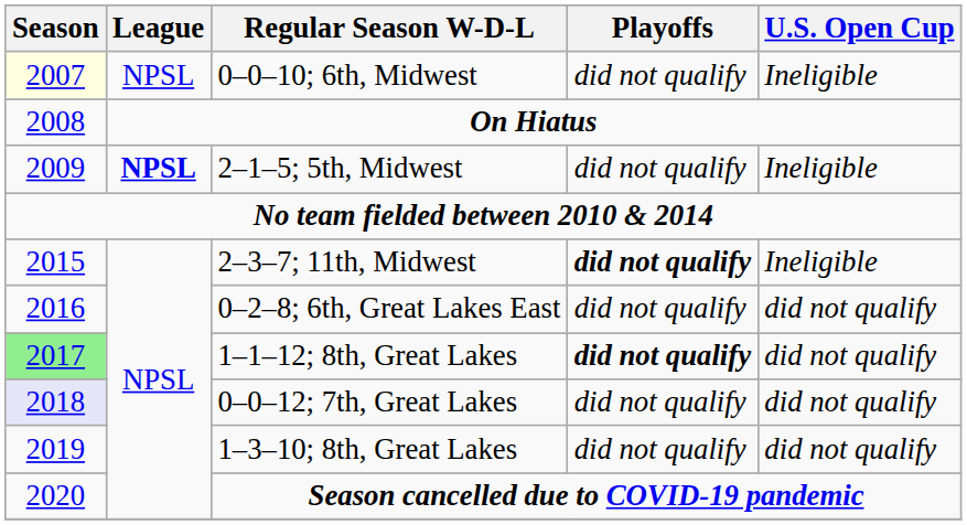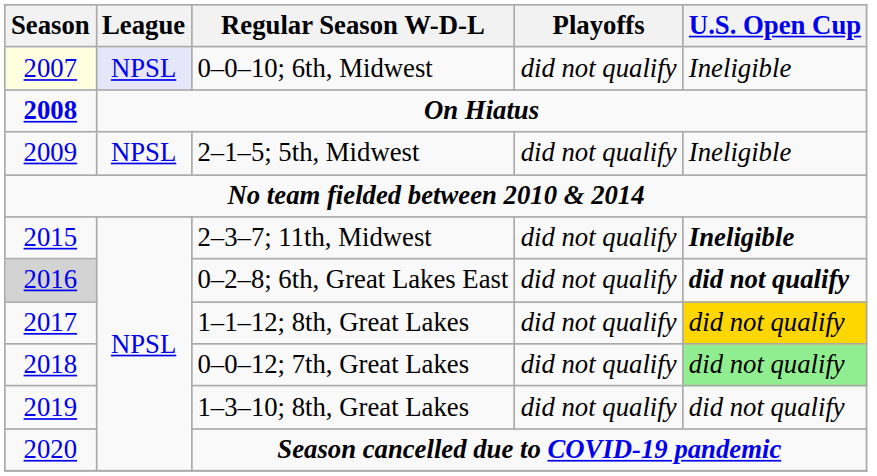 <table class="wikitable">
 <tr>
 <th>Season</th>
 <th>League</th>
 <th>Regular Season W-D-L</th>
 <th>Playoffs</th>
 <th><a href='#'>U.S. Open Cup</a></th>
 </tr>
 <tr>
 <td style="background: lightyellow; text-align:center;"><a href='#'>2007</a></td>
-<td style="text-align:center;"><a href='#'>NPSL</a></td>
+<td style="background: lavender; text-align:center;"><a href='#'>NPSL</a></td>
 <td>0–0–10; 6th, Midwest</td>
 <td><em>did not qualify</em></td>
 <td><em>Ineligible</em></td>
 </tr>
 <tr>
-<td style="text-align:center;"><a href='#'>2008</a></td>
+<td style="text-align:center;"><strong><a href='#'>2008</a></strong></td>
 <td colspan="4" style="text-align:center;"><strong><em>On Hiatus</em></strong></td>
 </tr>
 <tr>
 <td style="text-align:center;"><a href='#'>2009</a></td>
-<td style="text-align:center;"><strong><a href='#'>NPSL</a></strong></td>
+<td style="text-align:center;"><a href='#'>NPSL</a></td>
 <td>2–1–5; 5th, Midwest</td>
 <td><em>did not qualify</em></td>
 <td><em>Ineligible</em></td>
 </tr>
 <tr>
 <td colspan="5" style="text-align:center;"><strong><em>No team fielded between 2010 & 2014</em></strong></td>
 </tr>
 <tr>
 <td style="text-align:center;"><a href='#'>2015</a></td>
 <td style="text-align:center;" rowspan="6"><a href='#'>NPSL</a></td>
 <td>2–3–7; 11th, Midwest</td>
-<td><strong><em>did not qualify</em></strong></td>
-<td><em>Ineligible</em></td>
+<td><em>did not qualify</em></td>
+<td><strong><em>Ineligible</em></strong></td>
 </tr>
 <tr>
-<td style="text-align:center;"><a href='#'>2016</a></td>
+<td style="background: lightgrey; text-align:center;"><a href='#'>2016</a></td>
 <td>0–2–8; 6th, Great Lakes East</td>
 <td><em>did not qualify</em></td>
-<td><em>did not qualify</em></td>
+<td><strong><em>did not qualify</em></strong></td>
 </tr>
 <tr>
-<td style="background: lightgreen; text-align:center;"><a href='#'>2017</a></td>
+<td style="text-align:center;"><a href='#'>2017</a></td>
 <td>1–1–12; 8th, Great Lakes</td>
-<td><strong><em>did not qualify</em></strong></td>
 <td><em>did not qualify</em></td>
+<td style="background: gold;"><em>did not qualify</em></td>
 </tr>
 <tr>
-<td style="background: lavender; text-align:center;"><a href='#'>2018</a></td>
+<td style="text-align:center;"><a href='#'>2018</a></td>
 <td>0–0–12; 7th, Great Lakes</td>
 <td><em>did not qualify</em></td>
-<td><em>did not qualify</em></td>
+<td style="background: lightgreen;"><em>did not qualify</em></td>
 </tr>
 <tr>
 <td style="text-align:center;"><a href='#'>2019</a></td>
 <td>1–3–10; 8th, Great Lakes</td>
 <td><em>did not qualify</em></td>
 <td><em>did not qualify</em></td>
 </tr>
 <tr>
 <td style="text-align:center;"><a href='#'>2020</a></td>
 <td colspan="3" style="text-align:center;"><strong><em>Season cancelled due to <a href='#'>COVID-19 pandemic</a></em></strong></td>
 </tr>
 <tr>
 </tr>
 </table>
